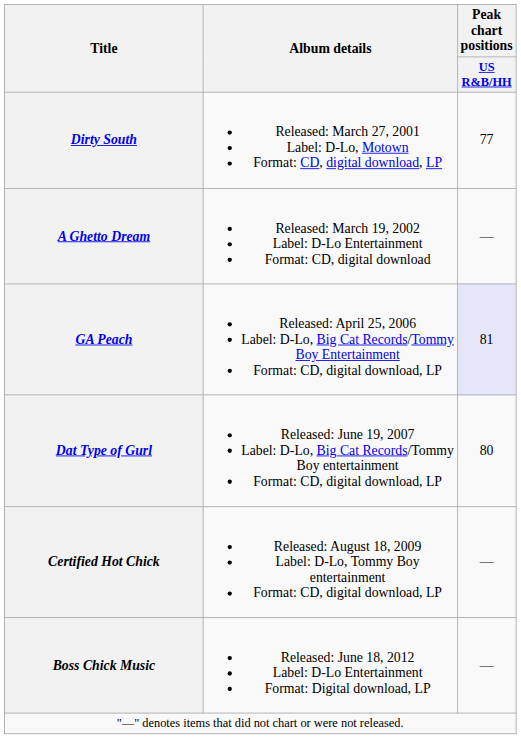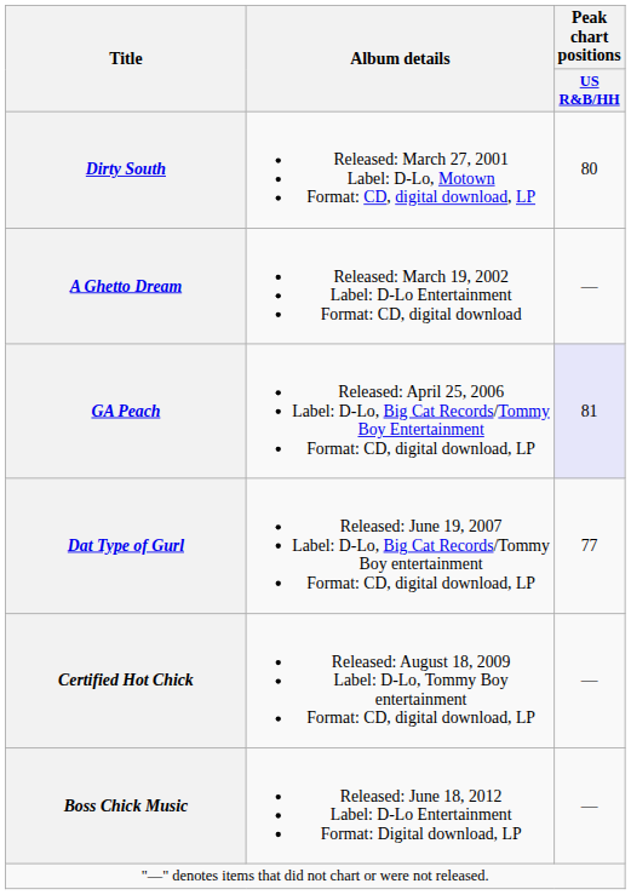 <table class="wikitable plainrowheaders" style="text-align:center;">
 <tr>
 <th scope="col" rowspan="2" style="width:14em;">Title</th>
 <th scope="col" rowspan="2" style="width:18em;">Album details</th>
 <th scope="col" colspan="1">Peak chart positions</th>
 </tr>
 <tr>
 <th scope="col" style="width:3em;font-size:90%;"><a href='#'>US<br>R&B/HH</a><br></th>
 </tr>
 <tr>
 <th scope="row"><em><a href='#'>Dirty South</a></em></th>
 <td><br><ul><li>Released: March 27, 2001</li><li>Label: D-Lo, <a href='#'>Motown</a></li><li>Format: <a href='#'>CD</a>, <a href='#'>digital download</a>, <a href='#'>LP</a></li></ul></td>
-<td>77</td>
+<td>80</td>
 </tr>
 <tr>
 <th scope="row"><em><a href='#'>A Ghetto Dream</a></em></th>
 <td><br><ul><li>Released: March 19, 2002</li><li>Label: D-Lo Entertainment</li><li>Format: CD, digital download</li></ul></td>
 <td>—</td>
 </tr>
 <tr>
 <th scope="row"><em><a href='#'>GA Peach</a></em></th>
 <td><br><ul><li>Released: April 25, 2006</li><li>Label: D-Lo, <a href='#'>Big Cat Records</a>/<a href='#'>Tommy Boy Entertainment</a></li><li>Format: CD, digital download, LP</li></ul></td>
 <td style="background: lavender;">81</td>
 </tr>
 <tr>
 <th scope="row"><em><a href='#'>Dat Type of Gurl</a></em></th>
 <td><br><ul><li>Released: June 19, 2007</li><li>Label: D-Lo, <a href='#'>Big Cat Records</a>/Tommy Boy entertainment</li><li>Format: CD, digital download, LP</li></ul></td>
-<td>80</td>
+<td>77</td>
 </tr>
 <tr>
 <th scope="row"><em>Certified Hot Chick</em></th>
 <td><br><ul><li>Released: August 18, 2009</li><li>Label: D-Lo, Tommy Boy entertainment</li><li>Format: CD, digital download, LP</li></ul></td>
 <td>—</td>
 </tr>
 <tr>
 <th scope="row"><em>Boss Chick Music</em></th>
 <td><br><ul><li>Released: June 18, 2012</li><li>Label: D-Lo Entertainment</li><li>Format: Digital download, LP</li></ul></td>
 <td>—</td>
 </tr>
 <tr>
 <td colspan="7" style="font-size:90%">"—" denotes items that did not chart or were not released.</td>
 </tr>
 </table>
